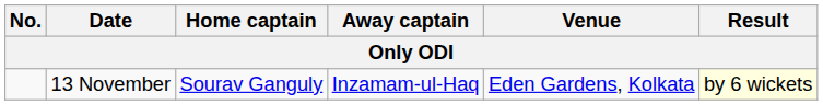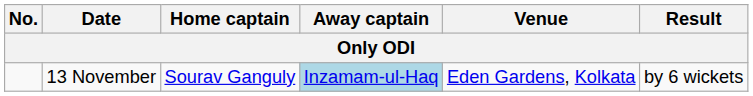 <table class="wikitable">
 <tr>
 <th>No.</th>
 <th>Date</th>
 <th>Home captain</th>
 <th>Away captain</th>
 <th>Venue</th>
 <th>Result</th>
 </tr>
 <tr>
 <th colspan="6">Only ODI</th>
 </tr>
 <tr>
 <td></td>
 <td>13 November</td>
 <td><a href='#'>Sourav Ganguly</a></td>
-<td><a href='#'>Inzamam-ul-Haq</a></td>
+<td style="background: lightblue;"><a href='#'>Inzamam-ul-Haq</a></td>
 <td><a href='#'>Eden Gardens</a>, <a href='#'>Kolkata</a></td>
-<td style="background: lightyellow;"> by 6 wickets</td>
+<td> by 6 wickets</td>
 </tr>
 </table>
